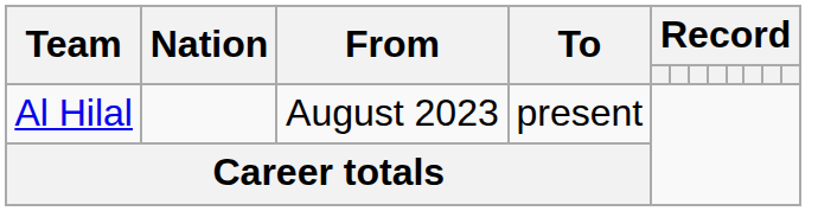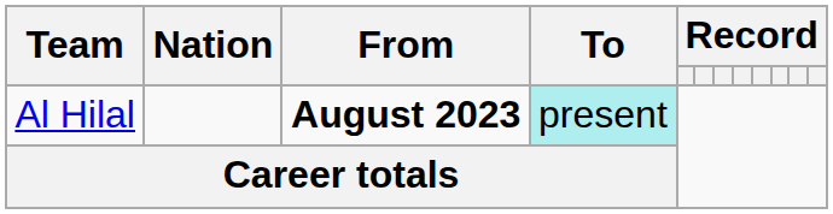 <table class="wikitable" style="text-align: center">
 <tr>
 <th rowspan="2">Team</th>
 <th rowspan="2">Nation</th>
 <th rowspan="2">From</th>
 <th rowspan="2">To</th>
 <th colspan="8">Record</th>
 </tr>
 <tr>
 <th></th>
 <th></th>
 <th></th>
 <th></th>
 <th></th>
 <th></th>
 <th></th>
 <th></th>
 </tr>
 <tr>
 <td align="left"><a href='#'>Al Hilal</a></td>
 <td align="left"></td>
-<td>August 2023</td>
-<td>present<br></td>
+<td><strong>August 2023</strong></td>
+<td style="background: paleturquoise;">present<br></td>
 </tr>
 <tr>
 <th colspan="4">Career totals<br></th>
 </tr>
 </table>
